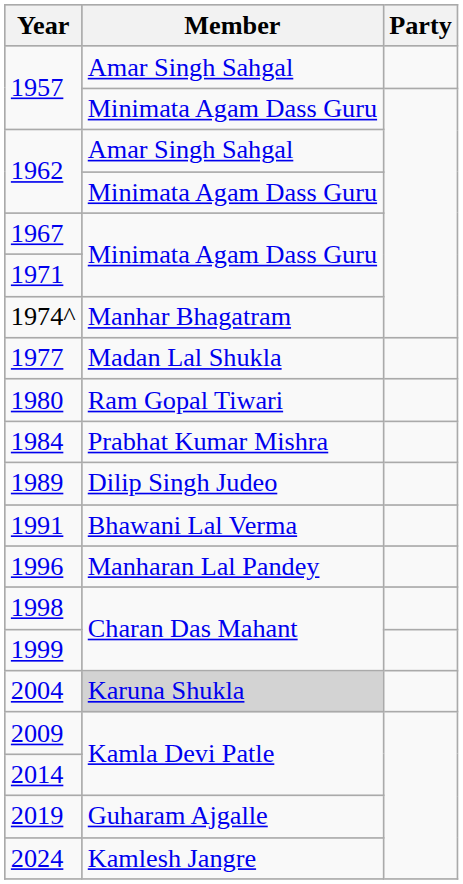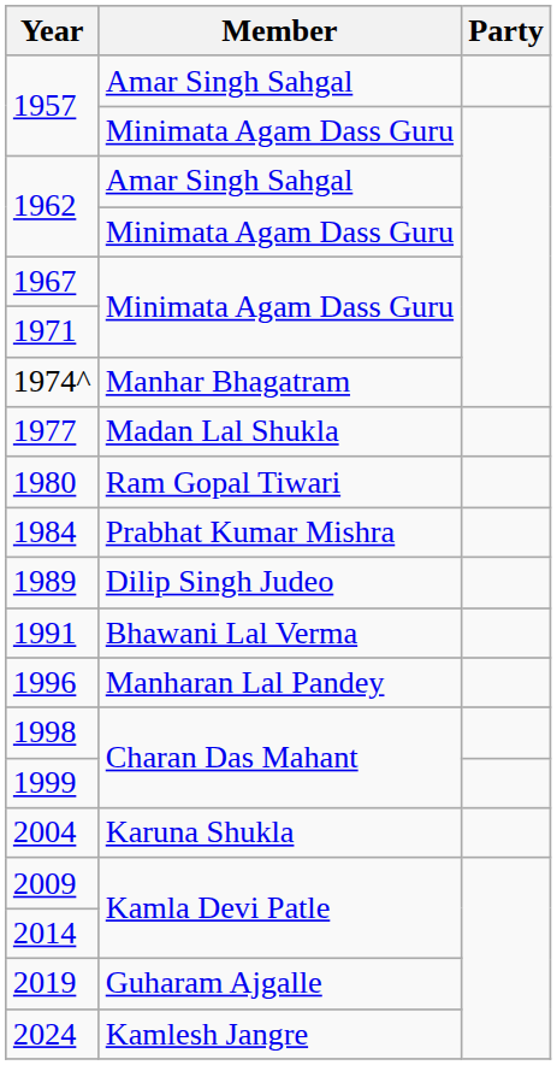 <table class="wikitable">
 <tr>
 <th>Year</th>
 <th>Member</th>
 <th colspan=2>Party</th>
 </tr>
 <tr>
 <td rowspan="2"><a href='#'>1957</a></td>
 <td><a href='#'>Amar Singh Sahgal</a></td>
 <td></td>
 </tr>
 <tr>
 <td><a href='#'>Minimata Agam Dass Guru</a></td>
 </tr>
 <tr>
 <td rowspan="2"><a href='#'>1962</a></td>
 <td><a href='#'>Amar Singh Sahgal</a></td>
 </tr>
 <tr>
 <td><a href='#'>Minimata Agam Dass Guru</a></td>
 </tr>
 <tr>
 <td><a href='#'>1967</a></td>
 <td rowspan="2"><a href='#'>Minimata Agam Dass Guru</a></td>
 </tr>
 <tr>
 <td><a href='#'>1971</a></td>
 </tr>
 <tr>
 <td>1974^</td>
 <td><a href='#'>Manhar Bhagatram</a></td>
 </tr>
 <tr>
 <td><a href='#'>1977</a></td>
 <td><a href='#'>Madan Lal Shukla</a></td>
 <td></td>
 </tr>
 <tr>
 <td><a href='#'>1980</a></td>
 <td><a href='#'>Ram Gopal Tiwari</a></td>
 <td></td>
 </tr>
 <tr>
 <td><a href='#'>1984</a></td>
 <td><a href='#'>Prabhat Kumar Mishra</a></td>
 <td></td>
 </tr>
 <tr>
 <td><a href='#'>1989</a></td>
 <td><a href='#'>Dilip Singh Judeo</a></td>
 <td></td>
 </tr>
 <tr>
 <td><a href='#'>1991</a></td>
 <td><a href='#'>Bhawani Lal Verma</a></td>
 <td></td>
 </tr>
 <tr>
 <td><a href='#'>1996</a></td>
 <td><a href='#'>Manharan Lal Pandey</a></td>
 <td></td>
 </tr>
 <tr>
 <td><a href='#'>1998</a></td>
 <td rowspan="2"><a href='#'>Charan Das Mahant</a></td>
 <td></td>
 </tr>
 <tr>
 <td><a href='#'>1999</a></td>
 </tr>
 <tr>
 <td><a href='#'>2004</a></td>
-<td style="background: lightgrey;"><a href='#'>Karuna Shukla</a></td>
+<td><a href='#'>Karuna Shukla</a></td>
 <td></td>
 </tr>
 <tr>
 <td><a href='#'>2009</a></td>
 <td rowspan="2"><a href='#'>Kamla Devi Patle</a></td>
 </tr>
 <tr>
 <td><a href='#'>2014</a></td>
 </tr>
 <tr>
 <td><a href='#'>2019</a></td>
 <td><a href='#'>Guharam Ajgalle</a></td>
 </tr>
 <tr>
 <td><a href='#'>2024</a></td>
 <td><a href='#'>Kamlesh Jangre</a></td>
 </tr>
 </table>
